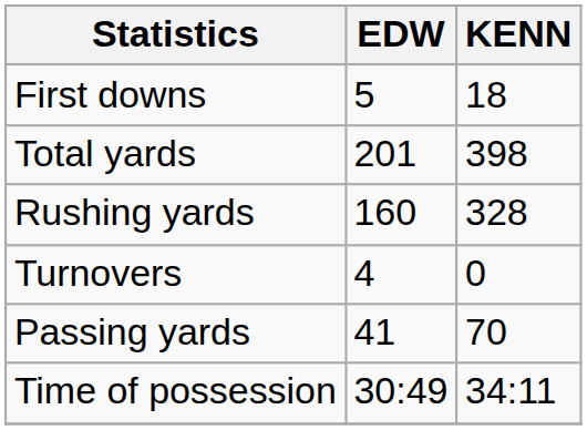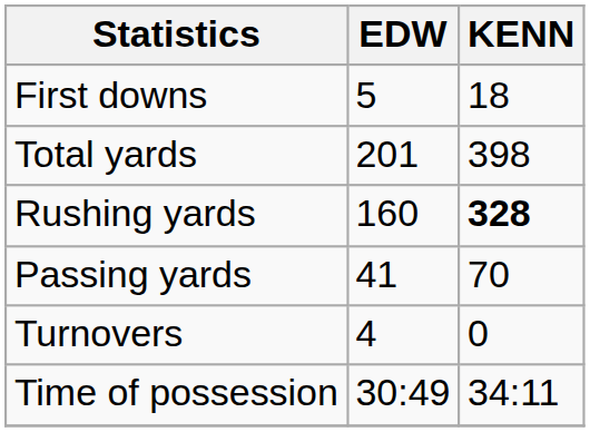 <table class="wikitable">
 <tr>
 <th>Statistics</th>
 <th>EDW</th>
 <th>KENN</th>
 </tr>
 <tr>
 <td>First downs</td>
 <td>5</td>
 <td>18</td>
 </tr>
 <tr>
 <td>Total yards</td>
 <td>201</td>
 <td>398</td>
 </tr>
 <tr>
 <td>Rushing yards</td>
 <td>160</td>
-<td>328</td>
+<td><strong>328</strong></td>
+</tr>
+<tr>
+<td>Passing yards</td>
+<td>41</td>
+<td>70</td>
 </tr>
 <tr>
 <td>Turnovers</td>
 <td>4</td>
 <td>0</td>
-</tr>
-<tr>
-<td>Passing yards</td>
-<td>41</td>
-<td>70</td>
 </tr>
 <tr>
 <td>Time of possession</td>
 <td>30:49</td>
 <td>34:11</td>
 </tr>
 <tr>
 </tr>
 </table>
